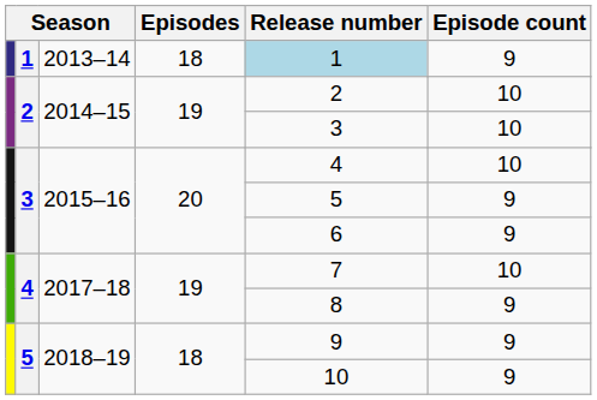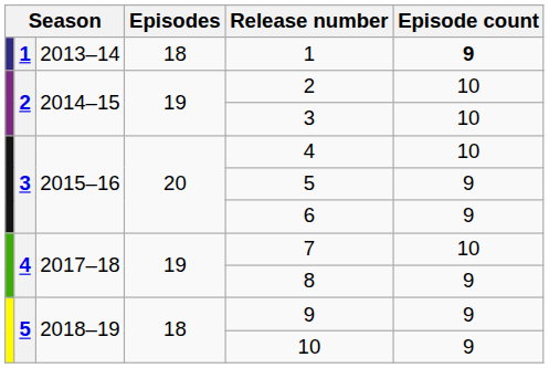 <table class="wikitable" style="text-align: center">
 <tr>
 <th colspan=3>Season</th>
 <th>Episodes</th>
 <th>Release number</th>
 <th>Episode count</th>
 </tr>
 <tr>
 <th rowspan=2 style="background:#302a81"></th>
 <th rowspan=2><a href='#'>1</a></th>
 <td rowspan=2>2013–14</td>
 <td rowspan=2>18</td>
-<td style="background: lightblue;">1</td>
-<td>9</td>
+<td>1</td>
+<td><strong>9</strong></td>
 </tr>
 <tr>
 <td rowspan=2>2</td>
 <td rowspan=2>10</td>
 </tr>
 <tr>
 <th rowspan=3 style="background:#7b2a81"></th>
 <th rowspan=3><a href='#'>2</a></th>
 <td rowspan=3>2014–15</td>
 <td rowspan=3>19</td>
 </tr>
 <tr>
 <td>3</td>
 <td>10</td>
 </tr>
 <tr>
 <td rowspan=2>4</td>
 <td rowspan=2>10</td>
 </tr>
 <tr>
 <th rowspan=3 style="background:#141414"></th>
 <th rowspan=3><a href='#'>3</a></th>
 <td rowspan=3>2015–16</td>
 <td rowspan=3>20</td>
 </tr>
 <tr>
 <td>5</td>
 <td>9</td>
 </tr>
 <tr>
 <td>6</td>
 <td>9</td>
 </tr>
 <tr>
 <th rowspan=2 style="background:#3EAC07"></th>
 <th rowspan=2><a href='#'>4</a></th>
 <td rowspan=2>2017–18</td>
 <td rowspan=2>19</td>
 <td>7</td>
 <td>10</td>
 </tr>
 <tr>
 <td>8</td>
 <td>9</td>
 </tr>
 <tr>
 <th rowspan=2 style="background:#fffa00"></th>
 <th rowspan=2><a href='#'>5</a></th>
 <td rowspan=2>2018–19</td>
 <td rowspan=2>18</td>
 <td>9</td>
 <td>9</td>
 </tr>
 <tr>
 <td>10</td>
 <td>9</td>
 </tr>
 </table>
